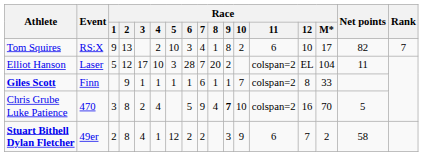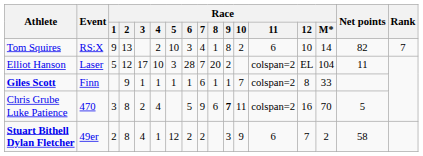 <table class=wikitable style=font-size:90%;text-align:center>
 <tr>
 <th rowspan=2>Athlete</th>
 <th rowspan=2>Event</th>
 <th colspan=13>Race</th>
 <th rowspan=2>Net points</th>
 <th rowspan=2>Rank</th>
 </tr>
 <tr style=font-size:95%>
 <th>1</th>
 <th>2</th>
 <th>3</th>
 <th>4</th>
 <th>5</th>
 <th>6</th>
 <th>7</th>
 <th>8</th>
 <th>9</th>
 <th>10</th>
 <th>11</th>
 <th>12</th>
 <th>M*</th>
 </tr>
 <tr>
 <td align=left><a href='#'>Tom Squires</a></td>
 <td align=left><a href='#'>RS:X</a></td>
 <td>9</td>
 <td>13</td>
 <td></td>
 <td>2</td>
 <td>10</td>
 <td>3</td>
 <td>4</td>
 <td>1</td>
 <td>8</td>
 <td>2</td>
 <td>6</td>
 <td>10</td>
-<td>17</td>
+<td>14</td>
 <td>82</td>
 <td>7</td>
 </tr>
 <tr>
 <td align=left><a href='#'>Elliot Hanson</a></td>
 <td align=left><a href='#'>Laser</a></td>
 <td>5</td>
 <td>12</td>
 <td>17</td>
 <td>10</td>
 <td>3</td>
 <td>28</td>
 <td>7</td>
 <td>20</td>
 <td>2</td>
 <td></td>
 <td>colspan=2 </td>
 <td>EL</td>
 <td>104</td>
 <td>11</td>
 </tr>
 <tr>
 <td align=left><strong><a href='#'>Giles Scott</a></strong></td>
 <td align=left><a href='#'>Finn</a></td>
 <td></td>
 <td>9</td>
 <td>1</td>
 <td>1</td>
 <td>1</td>
 <td>1</td>
 <td>6</td>
 <td>1</td>
 <td>1</td>
 <td>7</td>
 <td>colspan=2 </td>
 <td>8</td>
 <td>33</td>
 <td></td>
 </tr>
 <tr>
 <td align=left><a href='#'>Chris Grube</a><br><a href='#'>Luke Patience</a></td>
 <td align=left><a href='#'>470</a></td>
 <td>3</td>
 <td>8</td>
 <td>2</td>
 <td>4</td>
 <td></td>
 <td>5</td>
 <td>9</td>
-<td>4</td>
+<td>6</td>
 <td><strong>7</strong></td>
-<td>10</td>
+<td>11</td>
 <td>colspan=2 </td>
 <td>16</td>
 <td>70</td>
 <td>5</td>
 </tr>
 <tr>
 <td align=left><strong><a href='#'>Stuart Bithell</a><br><a href='#'>Dylan Fletcher</a></strong></td>
 <td align=left><a href='#'>49er</a></td>
 <td>2</td>
 <td>8</td>
 <td>4</td>
 <td>1</td>
 <td>12</td>
 <td>2</td>
 <td>2</td>
 <td></td>
 <td>3</td>
 <td>9</td>
 <td>6</td>
 <td>7</td>
 <td>2</td>
 <td>58</td>
 <td></td>
 </tr>
 </table>
